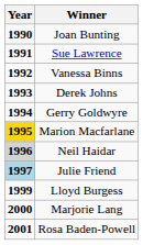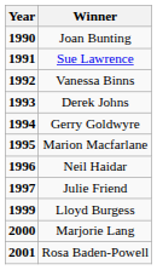 <table class="wikitable" style="text-align:center;">
 <tr>
 <th>Year</th>
 <th>Winner</th>
 </tr>
 <tr>
 <td><strong>1990</strong></td>
 <td>Joan Bunting</td>
 </tr>
 <tr>
 <td><strong>1991</strong></td>
 <td><a href='#'>Sue Lawrence</a></td>
 </tr>
 <tr>
 <td><strong>1992</strong></td>
 <td>Vanessa Binns</td>
 </tr>
 <tr>
 <td><strong>1993</strong></td>
 <td>Derek Johns</td>
 </tr>
 <tr>
 <td><strong>1994</strong></td>
 <td>Gerry Goldwyre</td>
 </tr>
 <tr>
-<td style="background: gold;"><strong>1995</strong></td>
+<td><strong>1995</strong></td>
 <td>Marion Macfarlane</td>
 </tr>
 <tr>
-<td style="background: lightgrey;"><strong>1996</strong></td>
+<td><strong>1996</strong></td>
 <td>Neil Haidar</td>
 </tr>
 <tr>
-<td style="background: lightblue;"><strong>1997</strong></td>
+<td><strong>1997</strong></td>
 <td>Julie Friend</td>
 </tr>
 <tr>
 <td><strong>1999</strong></td>
 <td>Lloyd Burgess</td>
 </tr>
 <tr>
 <td><strong>2000</strong></td>
 <td>Marjorie Lang</td>
 </tr>
 <tr>
 <td><strong>2001</strong></td>
 <td>Rosa Baden-Powell</td>
 </tr>
 </table>
